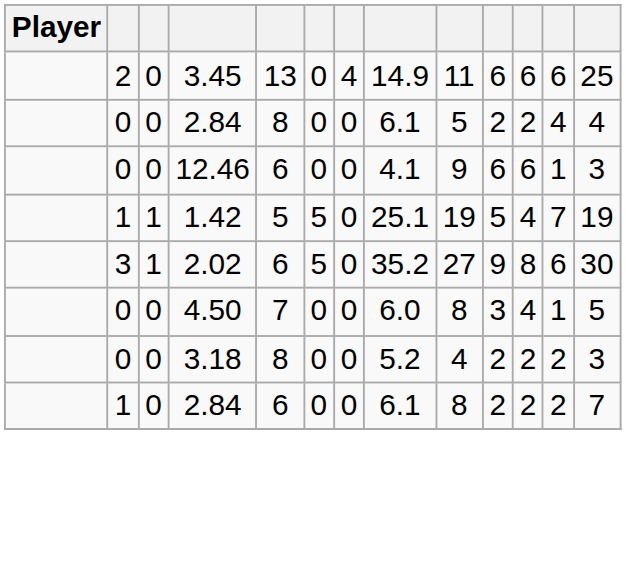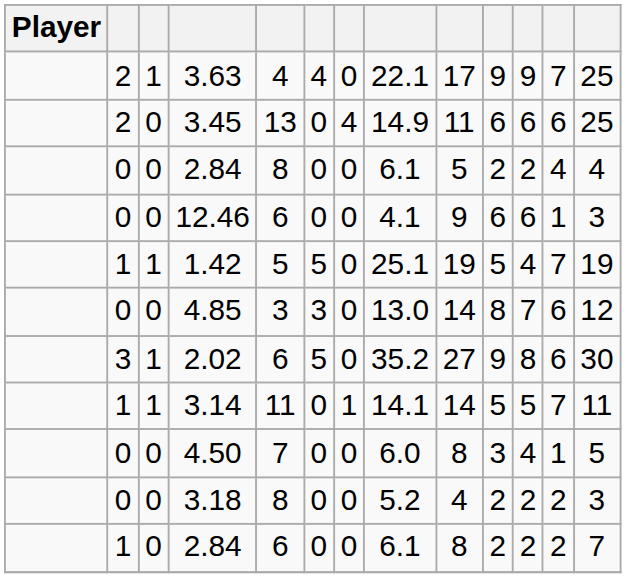 <table class="wikitable sortable" style="text-align:center;">
 <tr>
 <th>Player</th>
 <th></th>
 <th></th>
 <th></th>
 <th></th>
 <th></th>
 <th></th>
 <th></th>
 <th></th>
 <th></th>
 <th></th>
 <th></th>
 <th></th>
+</tr>
+<tr>
+<td align=left></td>
+<td>2</td>
+<td>1</td>
+<td>3.63</td>
+<td>4</td>
+<td>4</td>
+<td>0</td>
+<td>22.1</td>
+<td>17</td>
+<td>9</td>
+<td>9</td>
+<td>7</td>
+<td>25</td>
 </tr>
 <tr>
 <td align=left></td>
 <td>2</td>
 <td>0</td>
 <td>3.45</td>
 <td>13</td>
 <td>0</td>
 <td>4</td>
 <td>14.9</td>
 <td>11</td>
 <td>6</td>
 <td>6</td>
 <td>6</td>
 <td>25</td>
 </tr>
 <tr>
 <td align=left></td>
 <td>0</td>
 <td>0</td>
 <td>2.84</td>
 <td>8</td>
 <td>0</td>
 <td>0</td>
 <td>6.1</td>
 <td>5</td>
 <td>2</td>
 <td>2</td>
 <td>4</td>
 <td>4</td>
 </tr>
 <tr>
 <td align=left></td>
 <td>0</td>
 <td>0</td>
 <td>12.46</td>
 <td>6</td>
 <td>0</td>
 <td>0</td>
 <td>4.1</td>
 <td>9</td>
 <td>6</td>
 <td>6</td>
 <td>1</td>
 <td>3</td>
 </tr>
 <tr>
 <td align=left></td>
 <td>1</td>
 <td>1</td>
 <td>1.42</td>
 <td>5</td>
 <td>5</td>
 <td>0</td>
 <td>25.1</td>
 <td>19</td>
 <td>5</td>
 <td>4</td>
 <td>7</td>
 <td>19</td>
 </tr>
 <tr>
 <td align=left></td>
+<td>0</td>
+<td>0</td>
+<td>4.85</td>
+<td>3</td>
+<td>3</td>
+<td>0</td>
+<td>13.0</td>
+<td>14</td>
+<td>8</td>
+<td>7</td>
+<td>6</td>
+<td>12</td>
+</tr>
+<tr>
+<td align=left></td>
 <td>3</td>
 <td>1</td>
 <td>2.02</td>
 <td>6</td>
 <td>5</td>
 <td>0</td>
 <td>35.2</td>
 <td>27</td>
 <td>9</td>
 <td>8</td>
 <td>6</td>
 <td>30</td>
+</tr>
+<tr>
+<td align=left></td>
+<td>1</td>
+<td>1</td>
+<td>3.14</td>
+<td>11</td>
+<td>0</td>
+<td>1</td>
+<td>14.1</td>
+<td>14</td>
+<td>5</td>
+<td>5</td>
+<td>7</td>
+<td>11</td>
 </tr>
 <tr>
 <td align=left></td>
 <td>0</td>
 <td>0</td>
 <td>4.50</td>
 <td>7</td>
 <td>0</td>
 <td>0</td>
 <td>6.0</td>
 <td>8</td>
 <td 2>3</td>
 <td>4</td>
 <td>1</td>
 <td>5</td>
 </tr>
 <tr>
 <td align=left></td>
 <td>0</td>
 <td>0</td>
 <td>3.18</td>
 <td>8</td>
 <td>0</td>
 <td>0</td>
 <td>5.2</td>
 <td>4</td>
 <td>2</td>
 <td>2</td>
 <td>2</td>
 <td>3</td>
 </tr>
 <tr>
 <td align=left></td>
 <td>1</td>
 <td>0</td>
 <td>2.84</td>
 <td>6</td>
 <td>0</td>
 <td>0</td>
 <td>6.1</td>
 <td>8</td>
 <td>2</td>
 <td>2</td>
 <td>2</td>
 <td>7</td>
 </tr>
 <tr class=="sortbottom">
 </tr>
 </table>
